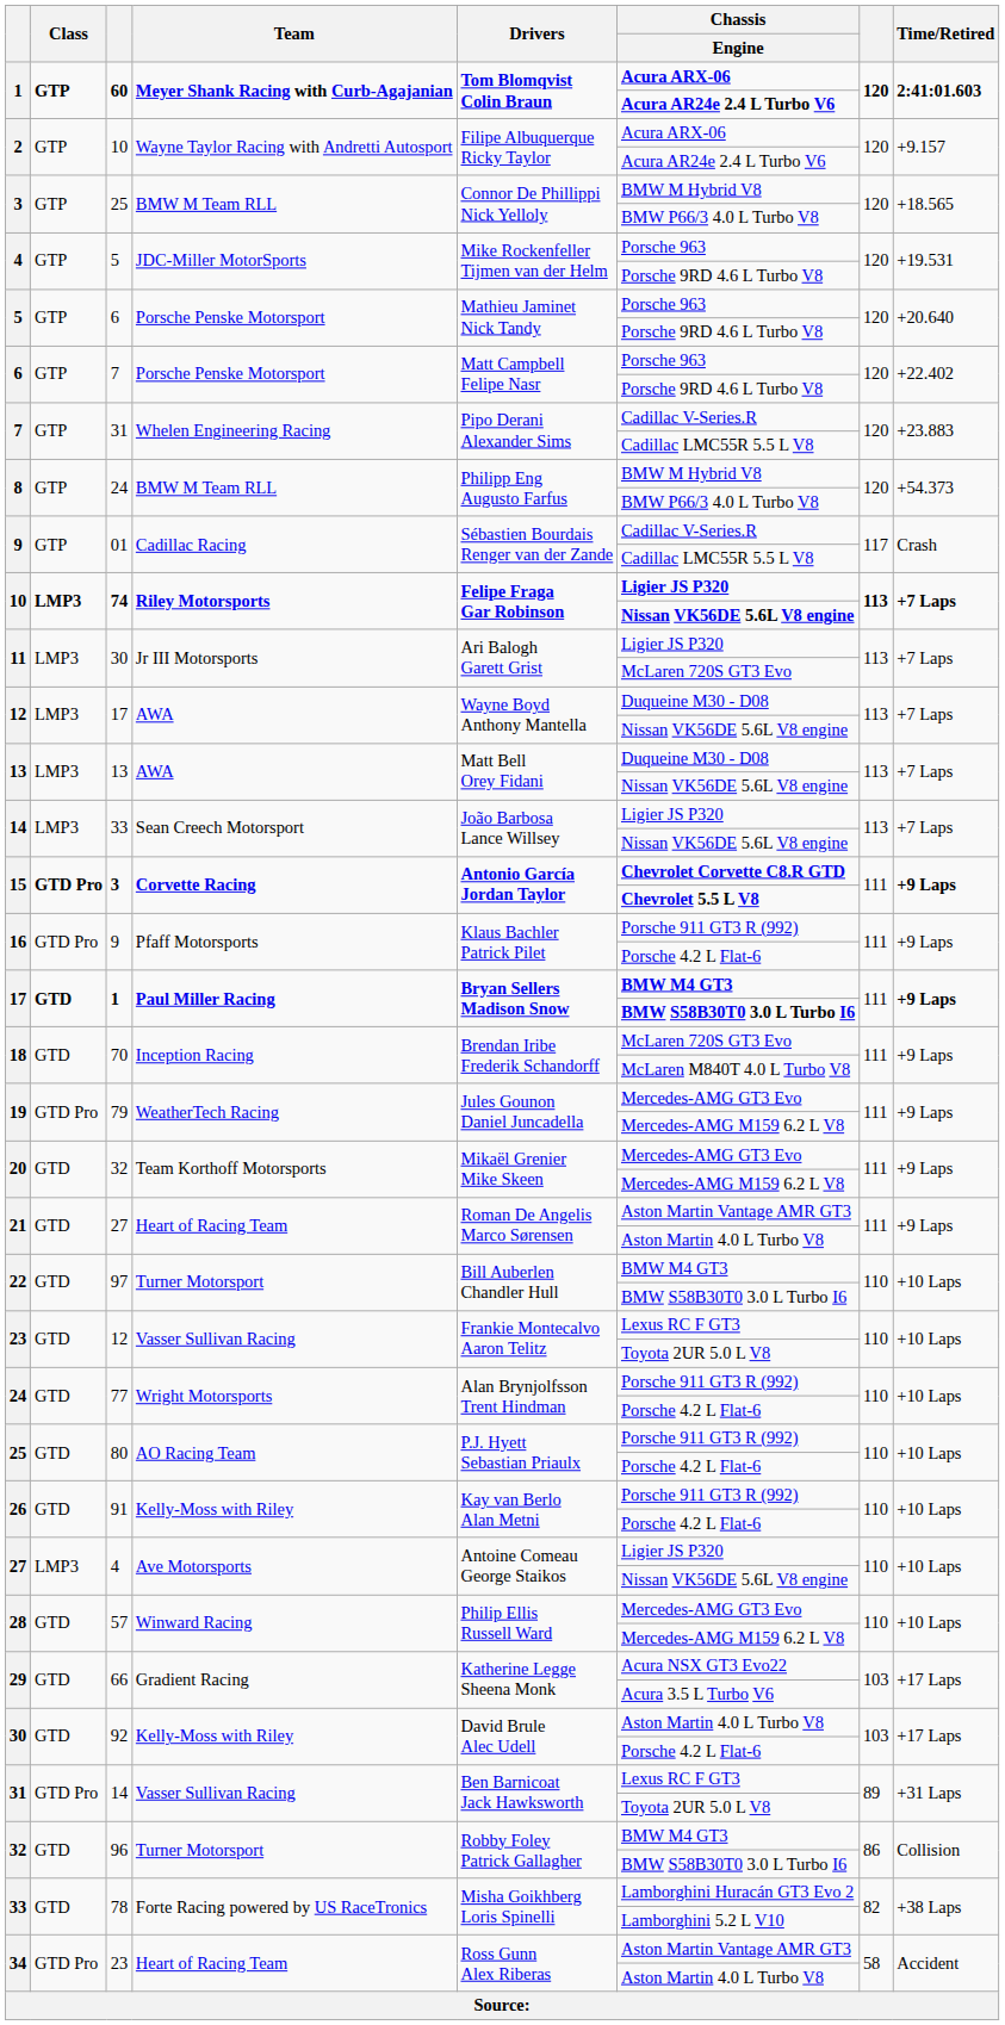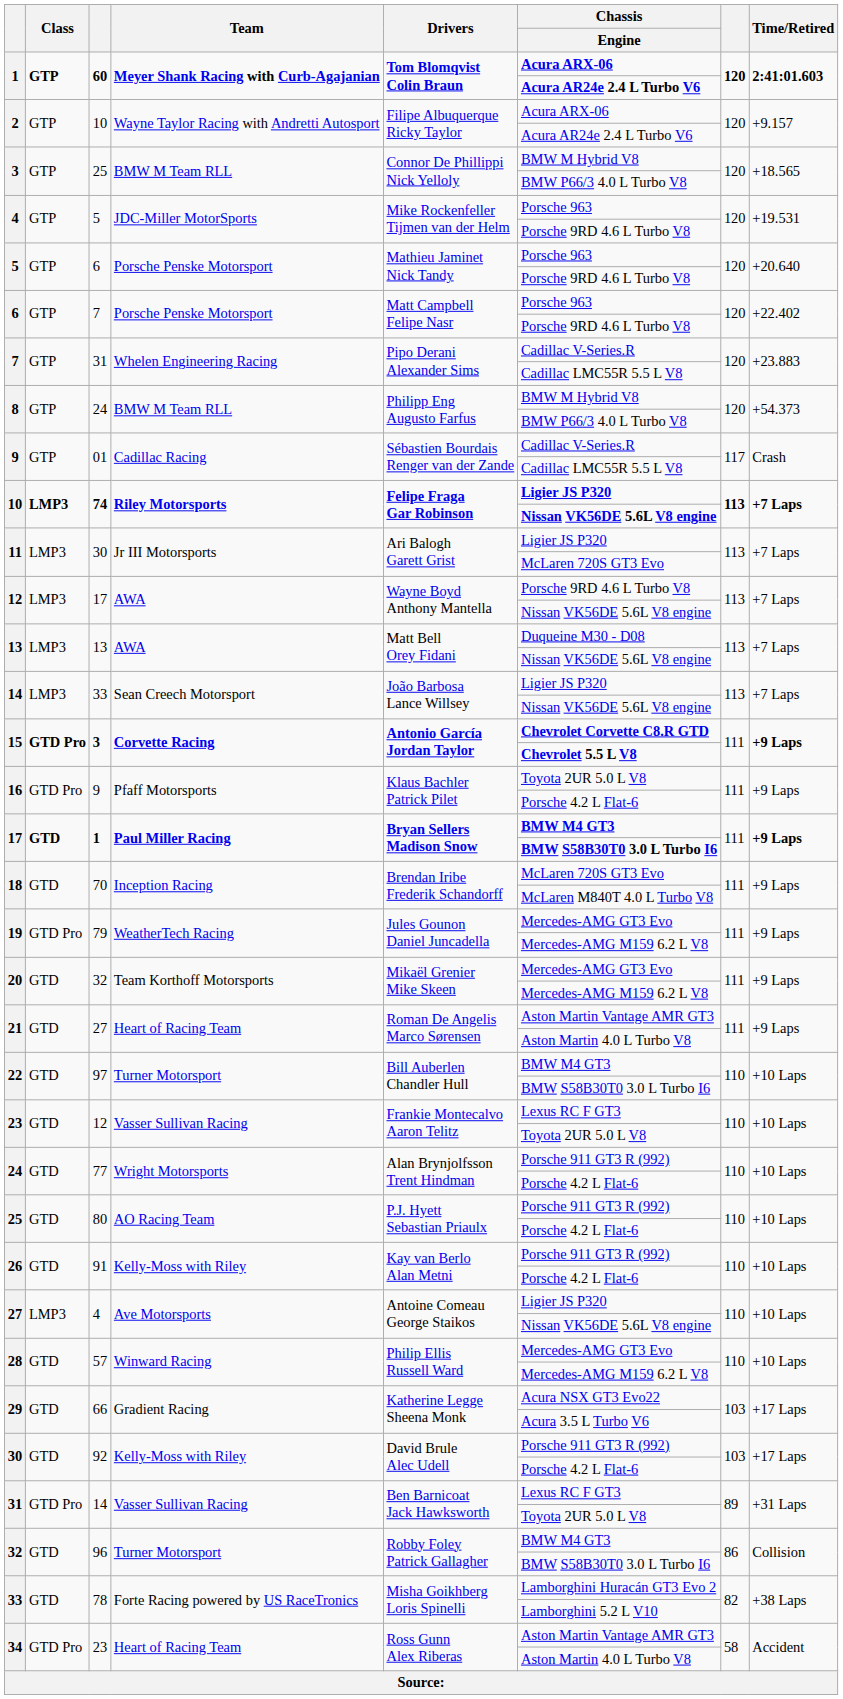 <table class="wikitable" style="font-size:95%;">
 <tr>
 <th rowspan="2"></th>
 <th rowspan="2">Class</th>
 <th rowspan="2"></th>
 <th rowspan="2">Team</th>
 <th rowspan="2">Drivers</th>
 <th>Chassis</th>
 <th rowspan="2"></th>
 <th rowspan="2">Time/Retired</th>
 </tr>
 <tr>
 <th>Engine</th>
 </tr>
 <tr style="font-weight:bold;">
 <th rowspan="2">1</th>
 <td rowspan="2">GTP</td>
 <td rowspan="2">60</td>
 <td rowspan="2"> <a href='#'>Meyer Shank Racing</a> with <a href='#'>Curb-Agajanian</a></td>
 <td rowspan="2"> <a href='#'>Tom Blomqvist</a><br> <a href='#'>Colin Braun</a></td>
 <td><a href='#'>Acura ARX-06</a></td>
 <td rowspan="2">120</td>
 <td rowspan="2">2:41:01.603</td>
 </tr>
 <tr style="font-weight:bold;">
 <td><a href='#'>Acura AR24e</a> 2.4 L Turbo <a href='#'>V6</a></td>
 </tr>
 <tr>
 <th rowspan="2">2</th>
 <td rowspan="2">GTP</td>
 <td rowspan="2">10</td>
 <td rowspan="2"> <a href='#'>Wayne Taylor Racing</a> with <a href='#'>Andretti Autosport</a></td>
 <td rowspan="2"> <a href='#'>Filipe Albuquerque</a><br> <a href='#'>Ricky Taylor</a></td>
 <td><a href='#'>Acura ARX-06</a></td>
 <td rowspan="2">120</td>
 <td rowspan="2">+9.157</td>
 </tr>
 <tr>
 <td><a href='#'>Acura AR24e</a> 2.4 L Turbo <a href='#'>V6</a></td>
 </tr>
 <tr>
 <th rowspan="2">3</th>
 <td rowspan="2">GTP</td>
 <td rowspan="2">25</td>
 <td rowspan="2"> <a href='#'>BMW M Team RLL</a></td>
 <td rowspan="2"> <a href='#'>Connor De Phillippi</a><br> <a href='#'>Nick Yelloly</a></td>
 <td><a href='#'>BMW M Hybrid V8</a></td>
 <td rowspan="2">120</td>
 <td rowspan="2">+18.565</td>
 </tr>
 <tr>
 <td><a href='#'>BMW P66/3</a> 4.0 L Turbo <a href='#'>V8</a></td>
 </tr>
 <tr>
 <th rowspan="2">4</th>
 <td rowspan="2">GTP</td>
 <td rowspan="2">5</td>
 <td rowspan="2"> <a href='#'>JDC-Miller MotorSports</a></td>
 <td rowspan="2"> <a href='#'>Mike Rockenfeller</a><br> <a href='#'>Tijmen van der Helm</a></td>
 <td><a href='#'>Porsche 963</a></td>
 <td rowspan="2">120</td>
 <td rowspan="2">+19.531</td>
 </tr>
 <tr>
 <td><a href='#'>Porsche</a> 9RD 4.6 L Turbo <a href='#'>V8</a></td>
 </tr>
 <tr>
 <th rowspan="2">5</th>
 <td rowspan="2">GTP</td>
 <td rowspan="2">6</td>
 <td rowspan="2"> <a href='#'>Porsche Penske Motorsport</a></td>
 <td rowspan="2"> <a href='#'>Mathieu Jaminet</a><br> <a href='#'>Nick Tandy</a></td>
 <td><a href='#'>Porsche 963</a></td>
 <td rowspan="2">120</td>
 <td rowspan="2">+20.640</td>
 </tr>
 <tr>
 <td><a href='#'>Porsche</a> 9RD 4.6 L Turbo <a href='#'>V8</a></td>
 </tr>
 <tr>
 <th rowspan="2">6</th>
 <td rowspan="2">GTP</td>
 <td rowspan="2">7</td>
 <td rowspan="2"> <a href='#'>Porsche Penske Motorsport</a></td>
 <td rowspan="2"> <a href='#'>Matt Campbell</a><br> <a href='#'>Felipe Nasr</a></td>
 <td><a href='#'>Porsche 963</a></td>
 <td rowspan="2">120</td>
 <td rowspan="2">+22.402</td>
 </tr>
 <tr>
 <td><a href='#'>Porsche</a> 9RD 4.6 L Turbo <a href='#'>V8</a></td>
 </tr>
 <tr>
 <th rowspan="2">7</th>
 <td rowspan="2">GTP</td>
 <td rowspan="2">31</td>
 <td rowspan="2"> <a href='#'>Whelen Engineering Racing</a></td>
 <td rowspan="2"> <a href='#'>Pipo Derani</a><br> <a href='#'>Alexander Sims</a></td>
 <td><a href='#'>Cadillac V-Series.R</a></td>
 <td rowspan="2">120</td>
 <td rowspan="2">+23.883</td>
 </tr>
 <tr>
 <td><a href='#'>Cadillac</a> LMC55R 5.5 L <a href='#'>V8</a></td>
 </tr>
 <tr>
 <th rowspan="2">8</th>
 <td rowspan="2">GTP</td>
 <td rowspan="2">24</td>
 <td rowspan="2"> <a href='#'>BMW M Team RLL</a></td>
 <td rowspan="2"> <a href='#'>Philipp Eng</a><br> <a href='#'>Augusto Farfus</a></td>
 <td><a href='#'>BMW M Hybrid V8</a></td>
 <td rowspan="2">120</td>
 <td rowspan="2">+54.373</td>
 </tr>
 <tr>
 <td><a href='#'>BMW P66/3</a> 4.0 L Turbo <a href='#'>V8</a></td>
 </tr>
 <tr>
 <th rowspan="2">9</th>
 <td rowspan="2">GTP</td>
 <td rowspan="2">01</td>
 <td rowspan="2"> <a href='#'>Cadillac Racing</a></td>
 <td rowspan="2"> <a href='#'>Sébastien Bourdais</a><br> <a href='#'>Renger van der Zande</a></td>
 <td><a href='#'>Cadillac V-Series.R</a></td>
 <td rowspan="2">117</td>
 <td rowspan="2">Crash</td>
 </tr>
 <tr>
 <td><a href='#'>Cadillac</a> LMC55R 5.5 L <a href='#'>V8</a></td>
 </tr>
 <tr style="font-weight:bold;">
 <th rowspan="2">10</th>
 <td rowspan="2">LMP3</td>
 <td rowspan="2">74</td>
 <td rowspan="2"> <a href='#'>Riley Motorsports</a></td>
 <td rowspan="2"> <a href='#'>Felipe Fraga</a><br> <a href='#'>Gar Robinson</a></td>
 <td><a href='#'>Ligier JS P320</a></td>
 <td rowspan="2">113</td>
 <td rowspan="2">+7 Laps<strong></strong></td>
 </tr>
 <tr style="font-weight:bold;">
 <td><a href='#'>Nissan</a> <a href='#'>VK56DE</a> 5.6L <a href='#'>V8 engine</a></td>
 </tr>
 <tr>
 <th rowspan="2">11</th>
 <td rowspan="2">LMP3</td>
 <td rowspan="2">30</td>
 <td rowspan="2"> Jr III Motorsports</td>
 <td rowspan="2"> Ari Balogh<br> <a href='#'>Garett Grist</a></td>
 <td><a href='#'>Ligier JS P320</a></td>
 <td rowspan="2">113</td>
 <td rowspan="2">+7 Laps</td>
 </tr>
 <tr>
 <td><a href='#'>McLaren 720S GT3 Evo</a></td>
 </tr>
 <tr>
 <th rowspan="2">12</th>
 <td rowspan="2">LMP3</td>
 <td rowspan="2">17</td>
 <td rowspan="2"> <a href='#'>AWA</a></td>
 <td rowspan="2"> <a href='#'>Wayne Boyd</a><br> Anthony Mantella</td>
-<td><a href='#'>Duqueine M30 - D08</a></td>
+<td><a href='#'>Porsche</a> 9RD 4.6 L Turbo <a href='#'>V8</a></td>
 <td rowspan="2">113</td>
 <td rowspan="2">+7 Laps</td>
 </tr>
 <tr>
 <td><a href='#'>Nissan</a> <a href='#'>VK56DE</a> 5.6L <a href='#'>V8 engine</a></td>
 </tr>
 <tr>
 <th rowspan="2">13</th>
 <td rowspan="2">LMP3</td>
 <td rowspan="2">13</td>
 <td rowspan="2"> <a href='#'>AWA</a></td>
 <td rowspan="2"> Matt Bell<br> <a href='#'>Orey Fidani</a></td>
 <td><a href='#'>Duqueine M30 - D08</a></td>
 <td rowspan="2">113</td>
 <td rowspan="2">+7 Laps</td>
 </tr>
 <tr>
 <td><a href='#'>Nissan</a> <a href='#'>VK56DE</a> 5.6L <a href='#'>V8 engine</a></td>
 </tr>
 <tr>
 <th rowspan="2">14</th>
 <td rowspan="2">LMP3</td>
 <td rowspan="2">33</td>
 <td rowspan="2"> Sean Creech Motorsport</td>
 <td rowspan="2"> <a href='#'>João Barbosa</a><br> Lance Willsey</td>
 <td><a href='#'>Ligier JS P320</a></td>
 <td rowspan="2">113</td>
 <td rowspan="2">+7 Laps</td>
 </tr>
 <tr>
 <td><a href='#'>Nissan</a> <a href='#'>VK56DE</a> 5.6L <a href='#'>V8 engine</a></td>
 </tr>
 <tr>
 <th rowspan="2">15</th>
 <td rowspan="2"><strong>GTD Pro</strong></td>
 <td rowspan="2"><strong>3</strong></td>
 <td rowspan="2"><strong> <a href='#'>Corvette Racing</a></strong></td>
 <td rowspan="2"><strong> <a href='#'>Antonio García</a><br> <a href='#'>Jordan Taylor</a></strong></td>
 <td><a href='#'><strong>Chevrolet Corvette C8.R GTD</strong></a></td>
 <td rowspan="2">111</td>
 <td rowspan="2"><strong>+9 Laps</strong></td>
 </tr>
 <tr>
 <td><strong><a href='#'>Chevrolet</a> 5.5 L <a href='#'>V8</a></strong></td>
 </tr>
 <tr>
 <th rowspan="2">16</th>
 <td rowspan="2">GTD Pro</td>
 <td rowspan="2">9</td>
 <td rowspan="2"> Pfaff Motorsports</td>
 <td rowspan="2"> <a href='#'>Klaus Bachler</a><br> <a href='#'>Patrick Pilet</a></td>
-<td><a href='#'>Porsche 911 GT3 R (992)</a></td>
+<td><a href='#'>Toyota</a> 2UR 5.0 L <a href='#'>V8</a></td>
 <td rowspan="2">111</td>
 <td rowspan="2">+9 Laps</td>
 </tr>
 <tr>
 <td><a href='#'>Porsche</a> 4.2 L <a href='#'>Flat-6</a></td>
 </tr>
 <tr>
 <th rowspan="2">17</th>
 <td rowspan="2"><strong>GTD</strong></td>
 <td rowspan="2"><strong>1</strong></td>
 <td rowspan="2"><strong> <a href='#'>Paul Miller Racing</a></strong></td>
 <td rowspan="2"><strong> <a href='#'>Bryan Sellers</a><br> <a href='#'>Madison Snow</a></strong></td>
 <td><a href='#'><strong>BMW M4 GT3</strong></a></td>
 <td rowspan="2">111</td>
 <td rowspan="2"><strong>+9 Laps</strong></td>
 </tr>
 <tr>
 <td><strong><a href='#'>BMW</a> <a href='#'>S58B30T0</a> 3.0 L Turbo <a href='#'>I6</a></strong></td>
 </tr>
 <tr>
 <th rowspan="2">18</th>
 <td rowspan="2">GTD</td>
 <td rowspan="2">70</td>
 <td rowspan="2"> <a href='#'>Inception Racing</a></td>
 <td rowspan="2"> <a href='#'>Brendan Iribe</a><br> <a href='#'>Frederik Schandorff</a></td>
 <td><a href='#'>McLaren 720S GT3 Evo</a></td>
 <td rowspan="2">111</td>
 <td rowspan="2">+9 Laps</td>
 </tr>
 <tr>
 <td><a href='#'>McLaren</a> M840T 4.0 L <a href='#'>Turbo</a> <a href='#'>V8</a></td>
 </tr>
 <tr>
 <th rowspan="2">19</th>
 <td rowspan="2">GTD Pro</td>
 <td rowspan="2">79</td>
 <td rowspan="2"> <a href='#'>WeatherTech Racing</a></td>
 <td rowspan="2"> <a href='#'>Jules Gounon</a><br> <a href='#'>Daniel Juncadella</a></td>
 <td><a href='#'>Mercedes-AMG GT3 Evo</a></td>
 <td rowspan="2">111</td>
 <td rowspan="2">+9 Laps</td>
 </tr>
 <tr>
 <td><a href='#'>Mercedes-AMG M159</a> 6.2 L <a href='#'>V8</a></td>
 </tr>
 <tr>
 <th rowspan="2">20</th>
 <td rowspan="2">GTD</td>
 <td rowspan="2">32</td>
 <td rowspan="2"> Team Korthoff Motorsports</td>
 <td rowspan="2"> <a href='#'>Mikaël Grenier</a><br> <a href='#'>Mike Skeen</a></td>
 <td><a href='#'>Mercedes-AMG GT3 Evo</a></td>
 <td rowspan="2">111</td>
 <td rowspan="2">+9 Laps</td>
 </tr>
 <tr>
 <td><a href='#'>Mercedes-AMG M159</a> 6.2 L <a href='#'>V8</a></td>
 </tr>
 <tr>
 <th rowspan="2">21</th>
 <td rowspan="2">GTD</td>
 <td rowspan="2">27</td>
 <td rowspan="2"> <a href='#'>Heart of Racing Team</a></td>
 <td rowspan="2"> <a href='#'>Roman De Angelis</a><br> <a href='#'>Marco Sørensen</a></td>
 <td><a href='#'>Aston Martin Vantage AMR GT3</a></td>
 <td rowspan="2">111</td>
 <td rowspan="2">+9 Laps</td>
 </tr>
 <tr>
 <td><a href='#'>Aston Martin</a> 4.0 L Turbo <a href='#'>V8</a></td>
 </tr>
 <tr>
 <th rowspan="2">22</th>
 <td rowspan="2">GTD</td>
 <td rowspan="2">97</td>
 <td rowspan="2"> <a href='#'>Turner Motorsport</a></td>
 <td rowspan="2"> <a href='#'>Bill Auberlen</a><br> Chandler Hull</td>
 <td><a href='#'>BMW M4 GT3</a></td>
 <td rowspan="2">110</td>
 <td rowspan="2">+10 Laps</td>
 </tr>
 <tr>
 <td><a href='#'>BMW</a> <a href='#'>S58B30T0</a> 3.0 L Turbo <a href='#'>I6</a></td>
 </tr>
 <tr>
 <th rowspan="2">23</th>
 <td rowspan="2">GTD</td>
 <td rowspan="2">12</td>
 <td rowspan="2"> <a href='#'>Vasser Sullivan Racing</a></td>
 <td rowspan="2"> <a href='#'>Frankie Montecalvo</a><br> <a href='#'>Aaron Telitz</a></td>
 <td><a href='#'>Lexus RC F GT3</a></td>
 <td rowspan="2">110</td>
 <td rowspan="2">+10 Laps</td>
 </tr>
 <tr>
 <td><a href='#'>Toyota</a> 2UR 5.0 L <a href='#'>V8</a></td>
 </tr>
 <tr>
 <th rowspan="2">24</th>
 <td rowspan="2">GTD</td>
 <td rowspan="2">77</td>
 <td rowspan="2"> <a href='#'>Wright Motorsports</a></td>
 <td rowspan="2"> Alan Brynjolfsson<br> <a href='#'>Trent Hindman</a></td>
 <td><a href='#'>Porsche 911 GT3 R (992)</a></td>
 <td rowspan="2">110</td>
 <td rowspan="2">+10 Laps</td>
 </tr>
 <tr>
 <td><a href='#'>Porsche</a> 4.2 L <a href='#'>Flat-6</a></td>
 </tr>
 <tr>
 <th rowspan="2">25</th>
 <td rowspan="2">GTD</td>
 <td rowspan="2">80</td>
 <td rowspan="2"> <a href='#'>AO Racing Team</a></td>
 <td rowspan="2"> <a href='#'>P.J. Hyett</a><br> <a href='#'>Sebastian Priaulx</a></td>
 <td><a href='#'>Porsche 911 GT3 R (992)</a></td>
 <td rowspan="2">110</td>
 <td rowspan="2">+10 Laps</td>
 </tr>
 <tr>
 <td><a href='#'>Porsche</a> 4.2 L <a href='#'>Flat-6</a></td>
 </tr>
 <tr>
 <th rowspan="2">26</th>
 <td rowspan="2">GTD</td>
 <td rowspan="2">91</td>
 <td rowspan="2"> <a href='#'>Kelly-Moss with Riley</a></td>
 <td rowspan="2"> <a href='#'>Kay van Berlo</a><br> <a href='#'>Alan Metni</a></td>
 <td><a href='#'>Porsche 911 GT3 R (992)</a></td>
 <td rowspan="2">110</td>
 <td rowspan="2">+10 Laps</td>
 </tr>
 <tr>
 <td><a href='#'>Porsche</a> 4.2 L <a href='#'>Flat-6</a></td>
 </tr>
 <tr>
 <th rowspan="2">27</th>
 <td rowspan="2">LMP3</td>
 <td rowspan="2">4</td>
 <td rowspan="2"> <a href='#'>Ave Motorsports</a></td>
 <td rowspan="2"> Antoine Comeau<br> George Staikos</td>
 <td><a href='#'>Ligier JS P320</a></td>
 <td rowspan="2">110</td>
 <td rowspan="2">+10 Laps</td>
 </tr>
 <tr>
 <td><a href='#'>Nissan</a> <a href='#'>VK56DE</a> 5.6L <a href='#'>V8 engine</a></td>
 </tr>
 <tr>
 <th rowspan="2">28</th>
 <td rowspan="2">GTD</td>
 <td rowspan="2">57</td>
 <td rowspan="2"> <a href='#'>Winward Racing</a></td>
 <td rowspan="2"> <a href='#'>Philip Ellis</a><br> <a href='#'>Russell Ward</a></td>
 <td><a href='#'>Mercedes-AMG GT3 Evo</a></td>
 <td rowspan="2">110</td>
 <td rowspan="2">+10 Laps</td>
 </tr>
 <tr>
 <td><a href='#'>Mercedes-AMG M159</a> 6.2 L <a href='#'>V8</a></td>
 </tr>
 <tr>
 <th rowspan="2">29</th>
 <td rowspan="2">GTD</td>
 <td rowspan="2">66</td>
 <td rowspan="2"> Gradient Racing</td>
 <td rowspan="2"> <a href='#'>Katherine Legge</a><br> Sheena Monk</td>
 <td><a href='#'>Acura NSX GT3 Evo22</a></td>
 <td rowspan="2">103</td>
 <td rowspan="2">+17 Laps</td>
 </tr>
 <tr>
 <td><a href='#'>Acura</a> 3.5 L <a href='#'>Turbo</a> <a href='#'>V6</a></td>
 </tr>
 <tr>
 <th rowspan="2">30</th>
 <td rowspan="2">GTD</td>
 <td rowspan="2">92</td>
 <td rowspan="2"> <a href='#'>Kelly-Moss with Riley</a></td>
 <td rowspan="2"> David Brule<br> <a href='#'>Alec Udell</a></td>
-<td><a href='#'>Aston Martin</a> 4.0 L Turbo <a href='#'>V8</a></td>
+<td><a href='#'>Porsche 911 GT3 R (992)</a></td>
 <td rowspan="2">103</td>
 <td rowspan="2">+17 Laps</td>
 </tr>
 <tr>
 <td><a href='#'>Porsche</a> 4.2 L <a href='#'>Flat-6</a></td>
 </tr>
 <tr>
 <th rowspan="2">31</th>
 <td rowspan="2">GTD Pro</td>
 <td rowspan="2">14</td>
 <td rowspan="2"> <a href='#'>Vasser Sullivan Racing</a></td>
 <td rowspan="2"> <a href='#'>Ben Barnicoat</a><br> <a href='#'>Jack Hawksworth</a></td>
 <td><a href='#'>Lexus RC F GT3</a></td>
 <td rowspan="2">89</td>
 <td rowspan="2">+31 Laps</td>
 </tr>
 <tr>
 <td><a href='#'>Toyota</a> 2UR 5.0 L <a href='#'>V8</a></td>
 </tr>
 <tr>
 <th rowspan="2">32</th>
 <td rowspan="2">GTD</td>
 <td rowspan="2">96</td>
 <td rowspan="2"> <a href='#'>Turner Motorsport</a></td>
 <td rowspan="2"> <a href='#'>Robby Foley</a><br> <a href='#'>Patrick Gallagher</a></td>
 <td><a href='#'>BMW M4 GT3</a></td>
 <td rowspan="2">86</td>
 <td rowspan="2">Collision</td>
 </tr>
 <tr>
 <td><a href='#'>BMW</a> <a href='#'>S58B30T0</a> 3.0 L Turbo <a href='#'>I6</a></td>
 </tr>
 <tr>
 <th rowspan="2">33</th>
 <td rowspan="2">GTD</td>
 <td rowspan="2">78</td>
 <td rowspan="2"> Forte Racing powered by <a href='#'>US RaceTronics</a></td>
 <td rowspan="2"> <a href='#'>Misha Goikhberg</a><br> <a href='#'>Loris Spinelli</a></td>
 <td><a href='#'>Lamborghini Huracán GT3 Evo 2</a></td>
 <td rowspan="2">82</td>
 <td rowspan="2">+38 Laps</td>
 </tr>
 <tr>
 <td><a href='#'>Lamborghini</a> 5.2 L <a href='#'>V10</a></td>
 </tr>
 <tr>
 <th rowspan="2">34</th>
 <td rowspan="2">GTD Pro</td>
 <td rowspan="2">23</td>
 <td rowspan="2"> <a href='#'>Heart of Racing Team</a></td>
 <td rowspan="2"> <a href='#'>Ross Gunn</a><br> <a href='#'>Alex Riberas</a></td>
 <td><a href='#'>Aston Martin Vantage AMR GT3</a></td>
 <td rowspan="2">58</td>
 <td rowspan="2">Accident</td>
 </tr>
 <tr>
 <td><a href='#'>Aston Martin</a> 4.0 L Turbo <a href='#'>V8</a></td>
 </tr>
 <tr>
 <th colspan="8">Source:</th>
 </tr>
 </table>
